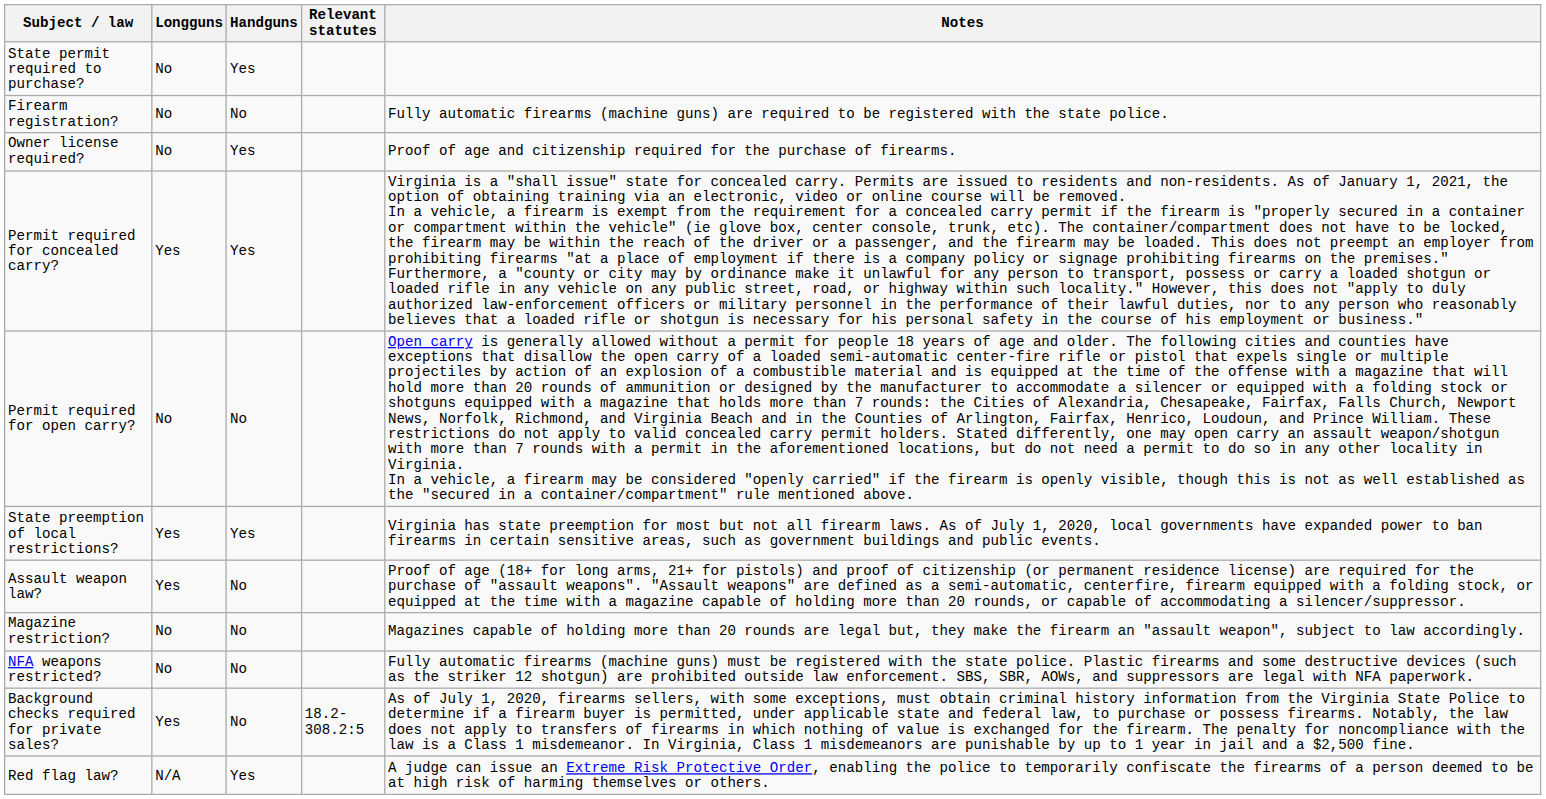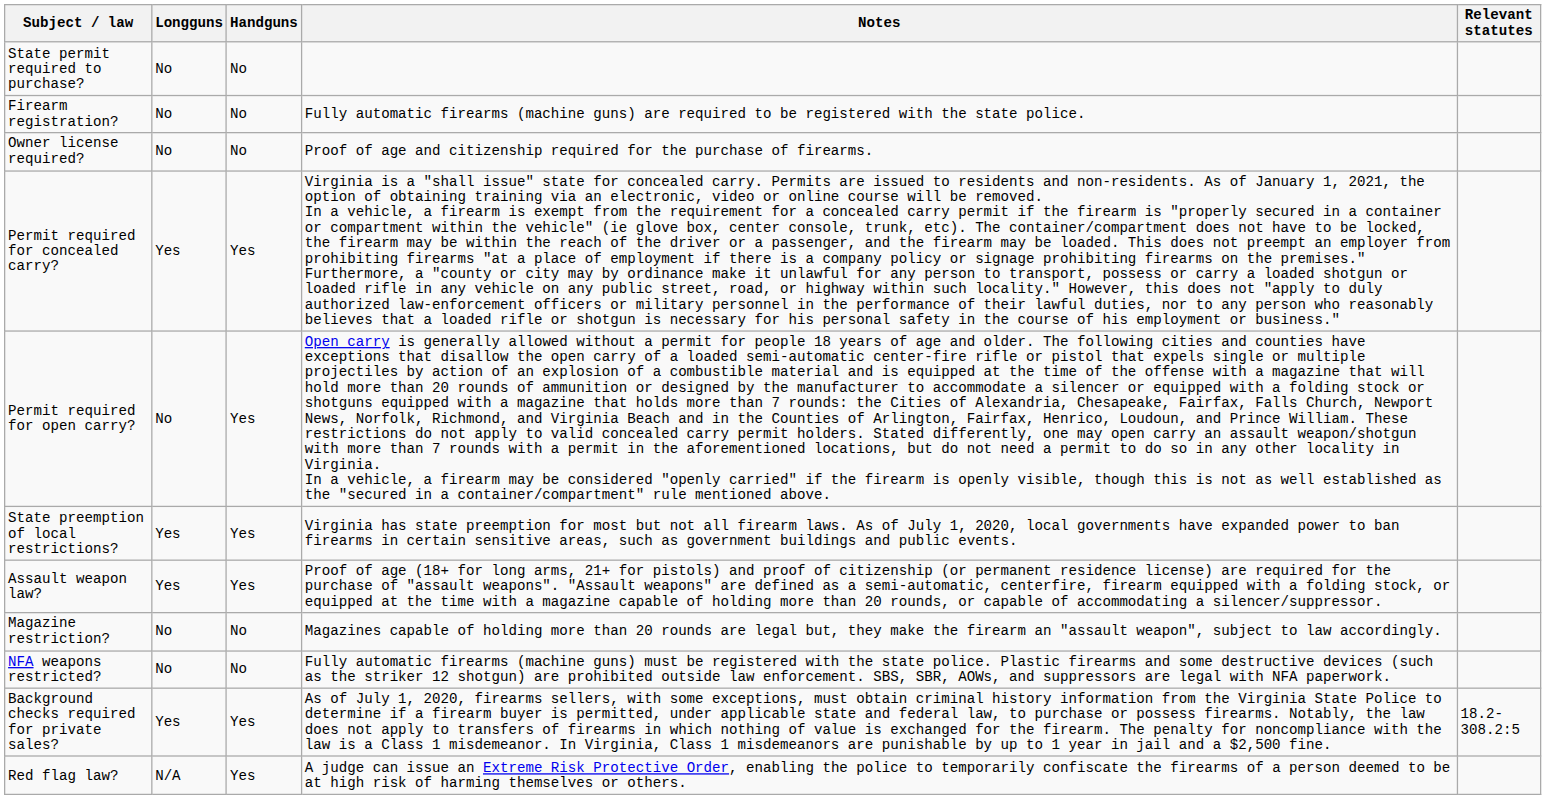 <table class="wikitable"  style="font-size:85%; width:95%;">
 <tr>
 <th>Subject / law</th>
 <th>Longguns</th>
 <th>Handguns</th>
+<th>Notes</th>
 <th>Relevant statutes</th>
-<th>Notes</th>
 </tr>
 <tr>
 <td>State permit required to purchase?</td>
 <td>No</td>
-<td>Yes</td>
+<td>No</td>
 <td></td>
 <td></td>
 </tr>
 <tr>
 <td>Firearm registration?</td>
 <td>No</td>
 <td>No</td>
+<td>Fully automatic firearms (machine guns) are required to be registered with the state police.</td>
 <td></td>
-<td>Fully automatic firearms (machine guns) are required to be registered with the state police.</td>
 </tr>
 <tr>
 <td>Owner license required?</td>
 <td>No</td>
-<td>Yes</td>
+<td>No</td>
+<td>Proof of age and citizenship required for the purchase of firearms.</td>
 <td></td>
-<td>Proof of age and citizenship required for the purchase of firearms.</td>
 </tr>
 <tr>
 <td>Permit required for concealed carry?</td>
 <td>Yes</td>
 <td>Yes</td>
+<td>Virginia is a "shall issue" state for concealed carry. Permits are issued to residents and non-residents. As of January 1, 2021, the option of obtaining training via an electronic, video or online course will be removed.<br>In a vehicle, a firearm is exempt from the requirement for a concealed carry permit if the firearm is "properly secured in a container or compartment within the vehicle" (ie glove box, center console, trunk, etc). The container/compartment does not have to be locked, the firearm may be within the reach of the driver or a passenger, and the firearm may be loaded. This does not preempt an employer from prohibiting firearms "at a place of employment if there is a company policy or signage prohibiting firearms on the premises." Furthermore, a "county or city may by ordinance make it unlawful for any person to transport, possess or carry a loaded shotgun or loaded rifle in any vehicle on any public street, road, or highway within such locality." However, this does not "apply to duly authorized law-enforcement officers or military personnel in the performance of their lawful duties, nor to any person who reasonably believes that a loaded rifle or shotgun is necessary for his personal safety in the course of his employment or business."</td>
 <td></td>
-<td>Virginia is a "shall issue" state for concealed carry. Permits are issued to residents and non-residents. As of January 1, 2021, the option of obtaining training via an electronic, video or online course will be removed.<br>In a vehicle, a firearm is exempt from the requirement for a concealed carry permit if the firearm is "properly secured in a container or compartment within the vehicle" (ie glove box, center console, trunk, etc). The container/compartment does not have to be locked, the firearm may be within the reach of the driver or a passenger, and the firearm may be loaded. This does not preempt an employer from prohibiting firearms "at a place of employment if there is a company policy or signage prohibiting firearms on the premises." Furthermore, a "county or city may by ordinance make it unlawful for any person to transport, possess or carry a loaded shotgun or loaded rifle in any vehicle on any public street, road, or highway within such locality." However, this does not "apply to duly authorized law-enforcement officers or military personnel in the performance of their lawful duties, nor to any person who reasonably believes that a loaded rifle or shotgun is necessary for his personal safety in the course of his employment or business."</td>
 </tr>
 <tr>
 <td>Permit required for open carry?</td>
 <td>No</td>
-<td>No</td>
+<td>Yes</td>
+<td><a href='#'>Open carry</a> is generally allowed without a permit for people 18 years of age and older. The following cities and counties have exceptions that disallow the open carry of a loaded semi-automatic center-fire rifle or pistol that expels single or multiple projectiles by action of an explosion of a combustible material and is equipped at the time of the offense with a magazine that will hold more than 20 rounds of ammunition or designed by the manufacturer to accommodate a silencer or equipped with a folding stock or shotguns equipped with a magazine that holds more than 7 rounds: the Cities of Alexandria, Chesapeake, Fairfax, Falls Church, Newport News, Norfolk, Richmond, and Virginia Beach and in the Counties of Arlington, Fairfax, Henrico, Loudoun, and Prince William. These restrictions do not apply to valid concealed carry permit holders. Stated differently, one may open carry an assault weapon/shotgun with more than 7 rounds with a permit in the aforementioned locations, but do not need a permit to do so in any other locality in Virginia.<br>In a vehicle, a firearm may be considered "openly carried" if the firearm is openly visible, though this is not as well established as the "secured in a container/compartment" rule mentioned above.</td>
 <td><br><br></td>
-<td><a href='#'>Open carry</a> is generally allowed without a permit for people 18 years of age and older. The following cities and counties have exceptions that disallow the open carry of a loaded semi-automatic center-fire rifle or pistol that expels single or multiple projectiles by action of an explosion of a combustible material and is equipped at the time of the offense with a magazine that will hold more than 20 rounds of ammunition or designed by the manufacturer to accommodate a silencer or equipped with a folding stock or shotguns equipped with a magazine that holds more than 7 rounds: the Cities of Alexandria, Chesapeake, Fairfax, Falls Church, Newport News, Norfolk, Richmond, and Virginia Beach and in the Counties of Arlington, Fairfax, Henrico, Loudoun, and Prince William. These restrictions do not apply to valid concealed carry permit holders. Stated differently, one may open carry an assault weapon/shotgun with more than 7 rounds with a permit in the aforementioned locations, but do not need a permit to do so in any other locality in Virginia.<br>In a vehicle, a firearm may be considered "openly carried" if the firearm is openly visible, though this is not as well established as the "secured in a container/compartment" rule mentioned above.</td>
 </tr>
 <tr>
 <td>State preemption of local restrictions?</td>
 <td>Yes</td>
 <td>Yes</td>
+<td>Virginia has state preemption for most but not all firearm laws. As of July 1, 2020, local governments have expanded power to ban firearms in certain sensitive areas, such as government buildings and public events.</td>
 <td></td>
-<td>Virginia has state preemption for most but not all firearm laws. As of July 1, 2020, local governments have expanded power to ban firearms in certain sensitive areas, such as government buildings and public events.</td>
 </tr>
 <tr>
 <td>Assault weapon law?</td>
 <td>Yes</td>
-<td>No</td>
+<td>Yes</td>
+<td>Proof of age (18+ for long arms, 21+ for pistols) and proof of citizenship (or permanent residence license) are required for the purchase of "assault weapons". "Assault weapons" are defined as a semi-automatic, centerfire, firearm equipped with a folding stock, or equipped at the time with a magazine capable of holding more than 20 rounds, or capable of accommodating a silencer/suppressor.</td>
 <td><br><br> </td>
-<td>Proof of age (18+ for long arms, 21+ for pistols) and proof of citizenship (or permanent residence license) are required for the purchase of "assault weapons". "Assault weapons" are defined as a semi-automatic, centerfire, firearm equipped with a folding stock, or equipped at the time with a magazine capable of holding more than 20 rounds, or capable of accommodating a silencer/suppressor.</td>
 </tr>
 <tr>
 <td>Magazine restriction?</td>
 <td>No</td>
 <td>No</td>
+<td>Magazines capable of holding more than 20 rounds are legal but, they make the firearm an "assault weapon", subject to law accordingly.</td>
 <td><br><br></td>
-<td>Magazines capable of holding more than 20 rounds are legal but, they make the firearm an "assault weapon", subject to law accordingly.</td>
 </tr>
 <tr>
 <td><a href='#'>NFA</a> weapons restricted?</td>
 <td>No</td>
 <td>No</td>
+<td>Fully automatic firearms (machine guns) must be registered with the state police. Plastic firearms and some destructive devices (such as the striker 12 shotgun) are prohibited outside law enforcement. SBS, SBR, AOWs, and suppressors are legal with NFA paperwork.</td>
 <td><br><br></td>
-<td>Fully automatic firearms (machine guns) must be registered with the state police. Plastic firearms and some destructive devices (such as the striker 12 shotgun) are prohibited outside law enforcement. SBS, SBR, AOWs, and suppressors are legal with NFA paperwork.</td>
 </tr>
 <tr>
 <td>Background checks required for private sales?</td>
 <td>Yes</td>
-<td>No</td>
+<td>Yes</td>
+<td>As of July 1, 2020, firearms sellers, with some exceptions, must obtain criminal history information from the Virginia State Police to determine if a firearm buyer is permitted, under applicable state and federal law, to purchase or possess firearms. Notably, the law does not apply to transfers of firearms in which nothing of value is exchanged for the firearm. The penalty for noncompliance with the law is a Class 1 misdemeanor. In Virginia, Class 1 misdemeanors are punishable by up to 1 year in jail and a $2,500 fine.</td>
 <td>18.2-308.2:5</td>
-<td>As of July 1, 2020, firearms sellers, with some exceptions, must obtain criminal history information from the Virginia State Police to determine if a firearm buyer is permitted, under applicable state and federal law, to purchase or possess firearms. Notably, the law does not apply to transfers of firearms in which nothing of value is exchanged for the firearm. The penalty for noncompliance with the law is a Class 1 misdemeanor. In Virginia, Class 1 misdemeanors are punishable by up to 1 year in jail and a $2,500 fine.</td>
 </tr>
 <tr>
 <td>Red flag law?</td>
 <td>N/A</td>
 <td>Yes</td>
+<td>A judge can issue an <a href='#'>Extreme Risk Protective Order</a>, enabling the police to temporarily confiscate the firearms of a person deemed to be at high risk of harming themselves or others.</td>
 <td></td>
-<td>A judge can issue an <a href='#'>Extreme Risk Protective Order</a>, enabling the police to temporarily confiscate the firearms of a person deemed to be at high risk of harming themselves or others.</td>
 </tr>
 </table>
